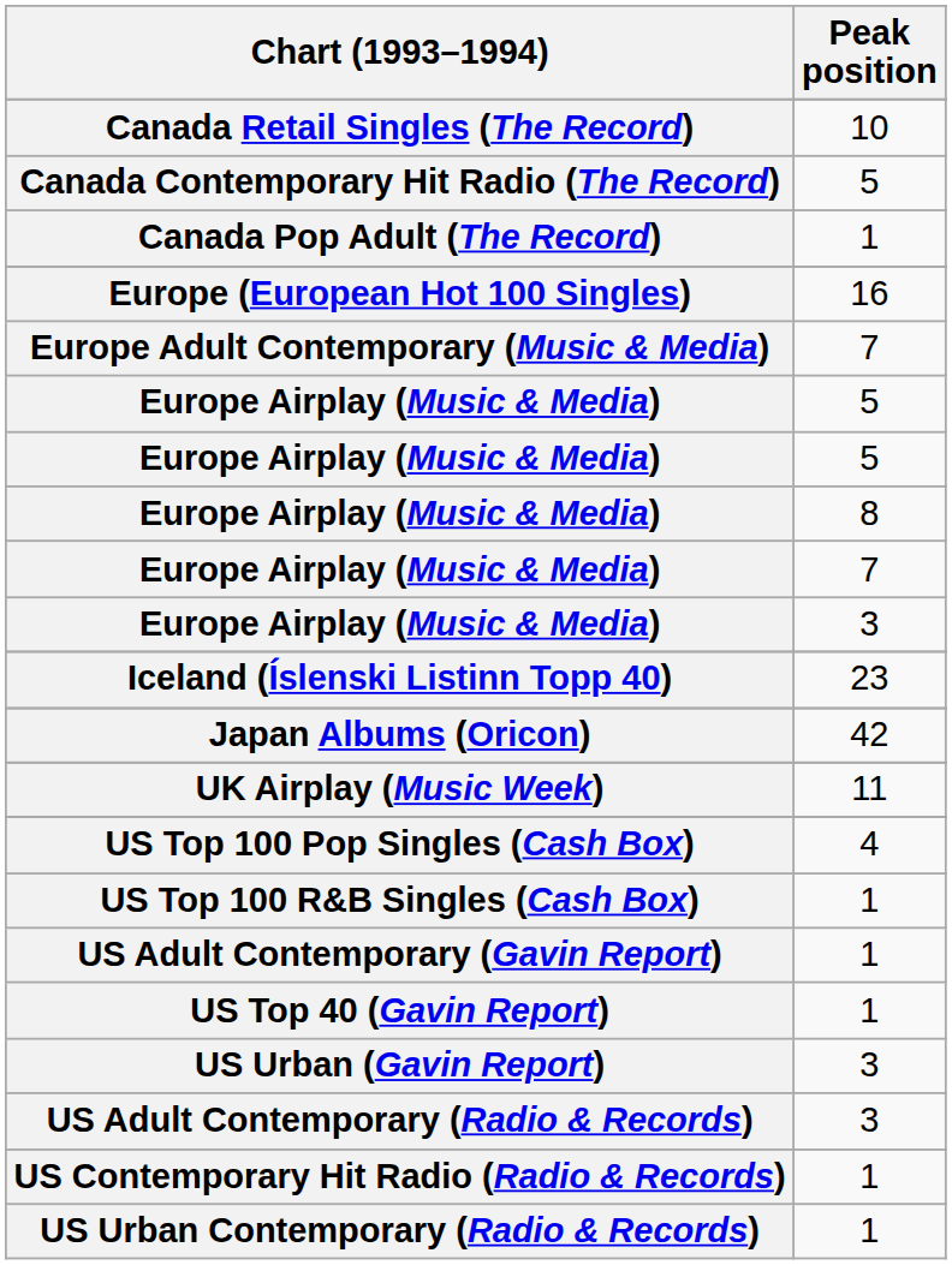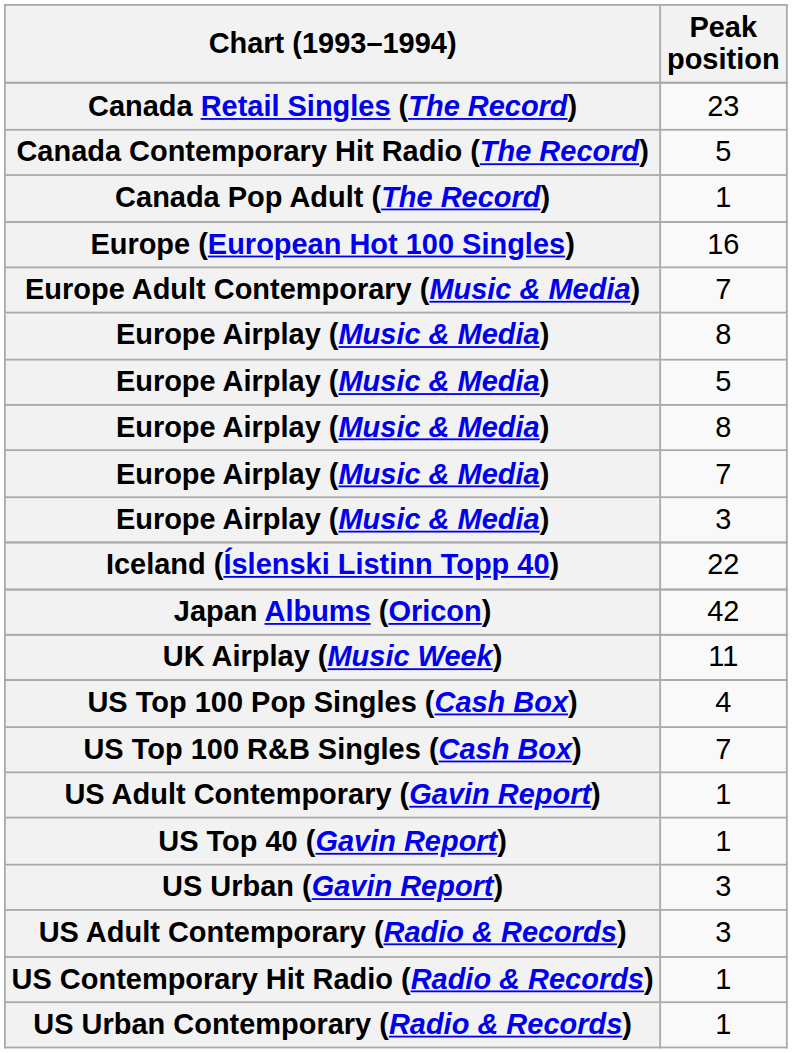 <table class="wikitable sortable plainrowheaders" style="text-align:center;">
 <tr>
 <th>Chart (1993–1994)</th>
 <th>Peak <br>position</th>
 </tr>
 <tr>
 </tr>
 <tr>
 </tr>
 <tr>
 <th scope="row">Canada <a href='#'>Retail Singles</a> (<em><a href='#'>The Record</a></em>)</th>
-<td>10</td>
+<td>23</td>
 </tr>
 <tr>
 <th scope="row">Canada Contemporary Hit Radio (<em><a href='#'>The Record</a></em>)</th>
 <td>5</td>
 </tr>
 <tr>
 <th scope="row">Canada Pop Adult (<em><a href='#'>The Record</a></em>)</th>
 <td>1</td>
 </tr>
 <tr>
 </tr>
 <tr>
 </tr>
 <tr>
 </tr>
 <tr>
 <th scope="row">Europe (<a href='#'>European Hot 100 Singles</a>)</th>
 <td>16</td>
 </tr>
 <tr>
 <th scope="row">Europe Adult Contemporary (<em><a href='#'>Music & Media</a></em>)</th>
 <td align="center">7</td>
 </tr>
 <tr>
 <th scope="row">Europe  Airplay (<em><a href='#'>Music & Media</a></em>)</th>
-<td>5</td>
+<td>8</td>
 </tr>
 <tr>
 <th scope="row">Europe  Airplay (<em><a href='#'>Music & Media</a></em>)</th>
 <td>5</td>
 </tr>
 <tr>
 <th scope="row">Europe  Airplay (<em><a href='#'>Music & Media</a></em>)</th>
 <td>8</td>
 </tr>
 <tr>
 <th scope="row">Europe  Airplay (<em><a href='#'>Music & Media</a></em>)</th>
 <td>7</td>
 </tr>
 <tr>
 <th scope="row">Europe  Airplay (<em><a href='#'>Music & Media</a></em>)</th>
 <td>3</td>
 </tr>
 <tr>
 </tr>
 <tr>
 </tr>
 <tr>
 <th scope="row">Iceland (<a href='#'>Íslenski Listinn Topp 40</a>)</th>
-<td>23</td>
+<td>22</td>
 </tr>
 <tr>
 </tr>
 <tr>
 <th scope="row">Japan <a href='#'>Albums</a> (<a href='#'>Oricon</a>)<br></th>
 <td>42</td>
 </tr>
 <tr>
 </tr>
 <tr>
 </tr>
 <tr>
 </tr>
 <tr>
 </tr>
 <tr>
 </tr>
 <tr>
 </tr>
 <tr>
 <th scope="row">UK Airplay (<em><a href='#'>Music Week</a></em>)</th>
 <td>11</td>
 </tr>
 <tr>
 </tr>
 <tr>
 </tr>
 <tr>
 </tr>
 <tr>
 </tr>
 <tr>
 </tr>
 <tr>
 </tr>
 <tr>
 <th scope="row">US Top 100 Pop Singles (<em><a href='#'>Cash Box</a></em>)</th>
 <td>4</td>
 </tr>
 <tr>
 <th scope="row">US Top 100 R&B Singles (<em><a href='#'>Cash Box</a></em>)</th>
-<td>1</td>
+<td>7</td>
 </tr>
 <tr>
 <th scope="row">US Adult Contemporary (<em><a href='#'>Gavin Report</a></em>)</th>
 <td>1</td>
 </tr>
 <tr>
 <th scope="row">US Top 40 (<em><a href='#'>Gavin Report</a></em>)</th>
 <td>1</td>
 </tr>
 <tr>
 <th scope="row">US Urban (<em><a href='#'>Gavin Report</a></em>)</th>
 <td>3</td>
 </tr>
 <tr>
 <th scope="row">US Adult Contemporary (<em><a href='#'>Radio & Records</a></em>)</th>
 <td>3</td>
 </tr>
 <tr>
 <th scope="row">US Contemporary Hit Radio (<em><a href='#'>Radio & Records</a></em>)</th>
 <td>1</td>
 </tr>
 <tr>
 <th scope="row">US Urban Contemporary (<em><a href='#'>Radio & Records</a></em>)</th>
 <td>1</td>
 </tr>
 </table>
